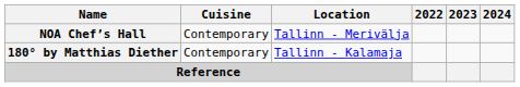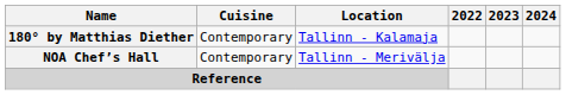 <table class="wikitable sortable plainrowheaders" style="text-align:left;"">
 <tr>
 <th scope="col">Name</th>
 <th scope="col">Cuisine</th>
 <th scope="col">Location</th>
 <th scope="col">2022</th>
 <th scope="col">2023</th>
 <th scope="col">2024</th>
 </tr>
 <tr>
-<th scope="row">NOA Chef’s Hall</th>
+<th scope="row">180° by Matthias Diether</th>
 <td>Contemporary</td>
-<td><a href='#'>Tallinn - Merivälja</a></td>
+<td><a href='#'>Tallinn - Kalamaja</a></td>
 <td></td>
 <td></td>
 <td></td>
 </tr>
 <tr>
-<th scope="row">180° by Matthias Diether</th>
+<th scope="row">NOA Chef’s Hall</th>
 <td>Contemporary</td>
-<td><a href='#'>Tallinn - Kalamaja</a></td>
+<td><a href='#'>Tallinn - Merivälja</a></td>
 <td></td>
 <td></td>
 <td></td>
 </tr>
 <tr>
 <th colspan="3" style="text-align: center;background: lightgray;">Reference</th>
 <th></th>
 <th></th>
 <th></th>
 </tr>
 </table>
